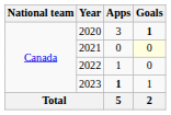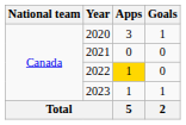 <table class="wikitable" style="text-align:center">
 <tr>
 <th>National team</th>
 <th>Year</th>
 <th>Apps</th>
 <th>Goals</th>
 </tr>
 <tr>
 <td rowspan="4"><a href='#'>Canada</a></td>
 <td>2020</td>
 <td>3</td>
-<td><strong>1</strong></td>
+<td>1</td>
 </tr>
 <tr>
 <td>2021</td>
 <td>0</td>
-<td style="background: lightyellow;">0</td>
+<td>0</td>
 </tr>
 <tr>
 <td>2022</td>
-<td>1</td>
+<td style="background: gold;">1</td>
 <td>0</td>
 </tr>
 <tr>
 <td>2023</td>
-<td><strong>1</strong></td>
+<td>1</td>
 <td>1</td>
 </tr>
 <tr>
 <th colspan="2">Total</th>
 <th>5</th>
 <th>2</th>
 </tr>
 </table>
